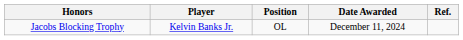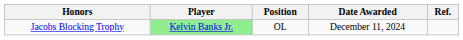 <table class="wikitable" style="width: 60%;text-align: center;">
 <tr>
 <th>Honors</th>
 <th>Player</th>
 <th>Position</th>
 <th>Date Awarded</th>
 <th>Ref.</th>
 </tr>
 <tr align="center">
 <td rowspan="1"><a href='#'>Jacobs Blocking Trophy</a></td>
-<td><a href='#'>Kelvin Banks Jr.</a></td>
+<td style="background: lightgreen;"><a href='#'>Kelvin Banks Jr.</a></td>
 <td>OL</td>
 <td rowspan="1">December 11, 2024</td>
 <td rowspan="3"></td>
 </tr>
 </table>
